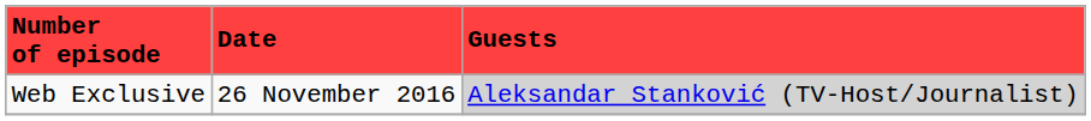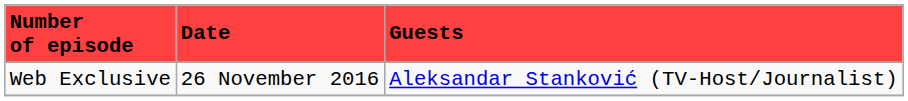 <table class="wikitable" align="center">
 <tr bgcolor="#FF4040">
 <td><strong>Number<br>of episode</strong></td>
 <td><strong>Date</strong></td>
 <td><strong>Guests</strong></td>
 </tr>
 <tr>
 <td>Web Exclusive</td>
 <td>26 November 2016</td>
-<td style="background: lightgrey;"><a href='#'>Aleksandar Stanković</a> (TV-Host/Journalist)</td>
+<td><a href='#'>Aleksandar Stanković</a> (TV-Host/Journalist)</td>
 </tr>
 <tr>
 </tr>
 </table>
